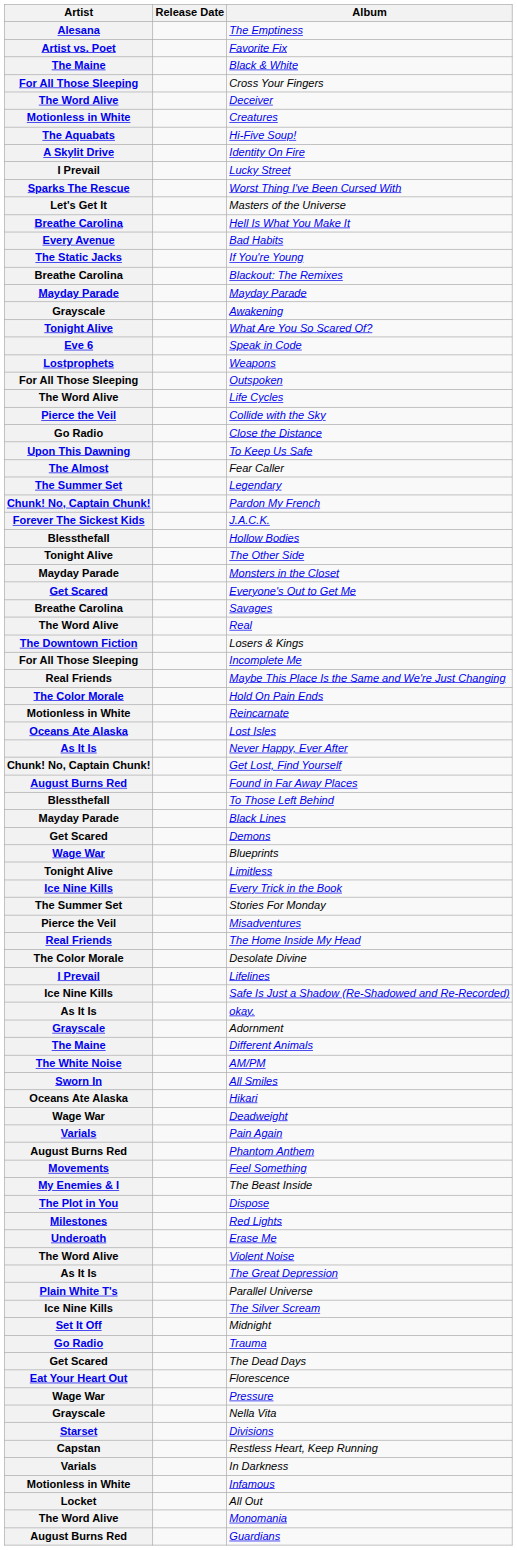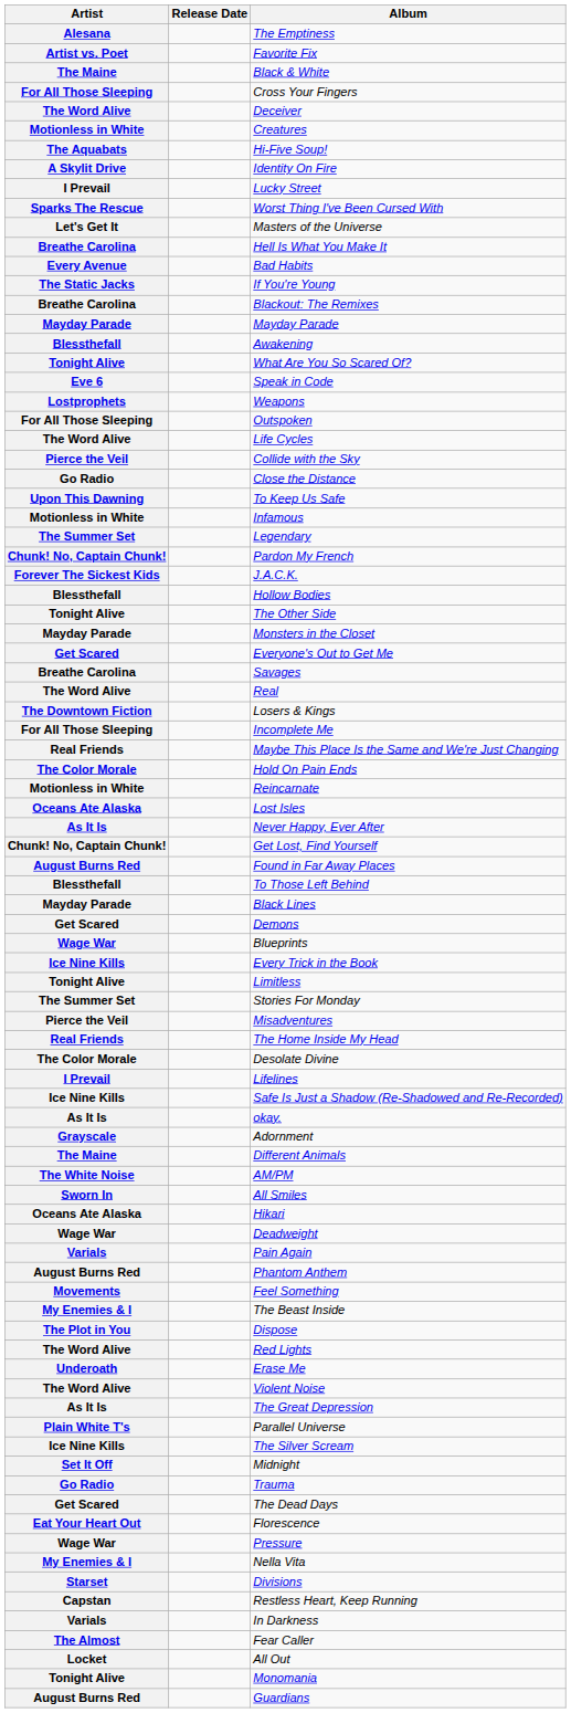 <table class="wikitable plainrowheaders sortable">
 <tr>
 <th>Artist</th>
 <th>Release Date</th>
 <th>Album</th>
 </tr>
 <tr>
 <th scope="row"><a href='#'>Alesana</a></th>
 <td></td>
 <td><em><a href='#'>The Emptiness</a></em></td>
 </tr>
 <tr>
 <th scope="row"><a href='#'>Artist vs. Poet</a></th>
 <td></td>
 <td><em><a href='#'>Favorite Fix</a></em></td>
 </tr>
 <tr>
 <th scope="row"><a href='#'>The Maine</a></th>
 <td></td>
 <td><em><a href='#'>Black & White</a></em></td>
 </tr>
 <tr>
 <th scope="row"><a href='#'>For All Those Sleeping</a></th>
 <td></td>
 <td><em>Cross Your Fingers</em></td>
 </tr>
 <tr>
 <th scope="row"><a href='#'>The Word Alive</a></th>
 <td></td>
 <td><em><a href='#'>Deceiver</a></em></td>
 </tr>
 <tr>
 <th scope="row"><a href='#'>Motionless in White</a></th>
 <td></td>
 <td><em><a href='#'>Creatures</a></em></td>
 </tr>
 <tr>
 <th scope="row"><a href='#'>The Aquabats</a></th>
 <td></td>
 <td><em><a href='#'>Hi-Five Soup!</a></em></td>
 </tr>
 <tr>
 <th scope="row"><a href='#'>A Skylit Drive</a></th>
 <td></td>
 <td><em><a href='#'>Identity On Fire</a></em></td>
 </tr>
 <tr>
 <th scope="row">I Prevail</th>
 <td></td>
 <td><em><a href='#'>Lucky Street</a></em></td>
 </tr>
 <tr>
 <th scope="row"><a href='#'>Sparks The Rescue</a></th>
 <td></td>
 <td><em><a href='#'>Worst Thing I've Been Cursed With</a></em></td>
 </tr>
 <tr>
 <th scope="row">Let's Get It</th>
 <td></td>
 <td><em>Masters of the Universe</em></td>
 </tr>
 <tr>
 <th scope="row"><a href='#'>Breathe Carolina</a></th>
 <td></td>
 <td><em><a href='#'>Hell Is What You Make It</a></em></td>
 </tr>
 <tr>
 <th scope="row"><a href='#'>Every Avenue</a></th>
 <td></td>
 <td><em><a href='#'>Bad Habits</a></em></td>
 </tr>
 <tr>
 <th scope="row"><a href='#'>The Static Jacks</a></th>
 <td></td>
 <td><em><a href='#'>If You're Young</a></em></td>
 </tr>
 <tr>
 <th scope="row">Breathe Carolina</th>
 <td></td>
 <td><em><a href='#'>Blackout: The Remixes</a></em></td>
 </tr>
 <tr>
 <th scope="row"><a href='#'>Mayday Parade</a></th>
 <td></td>
 <td><em><a href='#'>Mayday Parade</a></em></td>
 </tr>
 <tr>
-<th scope="row">Grayscale</th>
+<th scope="row"><a href='#'>Blessthefall</a></th>
 <td></td>
 <td><em><a href='#'>Awakening</a></em></td>
 </tr>
 <tr>
 <th scope="row"><a href='#'>Tonight Alive</a></th>
 <td></td>
 <td><em><a href='#'>What Are You So Scared Of?</a></em></td>
 </tr>
 <tr>
 <th scope="row"><a href='#'>Eve 6</a></th>
 <td></td>
 <td><em><a href='#'>Speak in Code</a></em></td>
 </tr>
 <tr>
 <th scope="row"><a href='#'>Lostprophets</a></th>
 <td></td>
 <td><em><a href='#'>Weapons</a></em></td>
 </tr>
 <tr>
 <th scope="row">For All Those Sleeping</th>
 <td></td>
 <td><em><a href='#'>Outspoken</a></em></td>
 </tr>
 <tr>
 <th scope="row">The Word Alive</th>
 <td></td>
 <td><em><a href='#'>Life Cycles</a></em></td>
 </tr>
 <tr>
 <th scope="row"><a href='#'>Pierce the Veil</a></th>
 <td></td>
 <td><em><a href='#'>Collide with the Sky</a></em></td>
 </tr>
 <tr>
 <th scope="row">Go Radio</th>
 <td></td>
 <td><em><a href='#'>Close the Distance</a></em></td>
 </tr>
 <tr>
 <th scope="row"><a href='#'>Upon This Dawning</a></th>
 <td></td>
 <td><em><a href='#'>To Keep Us Safe</a></em></td>
 </tr>
 <tr>
-<th scope="row"><a href='#'>The Almost</a></th>
+<th scope="row">Motionless in White</th>
 <td></td>
-<td><em>Fear Caller</em></td>
+<td><em><a href='#'>Infamous</a></em></td>
 </tr>
 <tr>
 <th scope="row"><a href='#'>The Summer Set</a></th>
 <td></td>
 <td><em><a href='#'>Legendary</a></em></td>
 </tr>
 <tr>
 <th scope="row"><a href='#'>Chunk! No, Captain Chunk!</a></th>
 <td></td>
 <td><em><a href='#'>Pardon My French</a></em></td>
 </tr>
 <tr>
 <th scope="row"><a href='#'>Forever The Sickest Kids</a></th>
 <td></td>
 <td><em><a href='#'>J.A.C.K.</a></em></td>
 </tr>
 <tr>
 <th scope="row">Blessthefall</th>
 <td></td>
 <td><em><a href='#'>Hollow Bodies</a></em></td>
 </tr>
 <tr>
 <th scope="row">Tonight Alive</th>
 <td></td>
 <td><em><a href='#'>The Other Side</a></em></td>
 </tr>
 <tr>
 <th scope="row">Mayday Parade</th>
 <td></td>
 <td><em><a href='#'>Monsters in the Closet</a></em></td>
 </tr>
 <tr>
 <th scope="row"><a href='#'>Get Scared</a></th>
 <td></td>
 <td><em><a href='#'>Everyone's Out to Get Me</a></em></td>
 </tr>
 <tr>
 <th scope="row">Breathe Carolina</th>
 <td></td>
 <td><em><a href='#'>Savages</a></em></td>
 </tr>
 <tr>
 <th scope="row">The Word Alive</th>
 <td></td>
 <td><em><a href='#'>Real</a></em></td>
 </tr>
 <tr>
 <th scope="row"><a href='#'>The Downtown Fiction</a></th>
 <td></td>
 <td><em>Losers & Kings</em></td>
 </tr>
 <tr>
 <th scope="row">For All Those Sleeping</th>
 <td></td>
 <td><em><a href='#'>Incomplete Me</a></em></td>
 </tr>
 <tr>
 <th scope="row">Real Friends</th>
 <td></td>
 <td><em><a href='#'>Maybe This Place Is the Same and We're Just Changing</a></em></td>
 </tr>
 <tr>
 <th scope="row"><a href='#'>The Color Morale</a></th>
 <td></td>
 <td><em><a href='#'>Hold On Pain Ends</a></em></td>
 </tr>
 <tr>
 <th scope="row">Motionless in White</th>
 <td></td>
 <td><em><a href='#'>Reincarnate</a></em></td>
 </tr>
 <tr>
 <th scope="row"><a href='#'>Oceans Ate Alaska</a></th>
 <td></td>
 <td><em><a href='#'>Lost Isles</a></em></td>
 </tr>
 <tr>
 <th scope="row"><a href='#'>As It Is</a></th>
 <td></td>
 <td><em><a href='#'>Never Happy, Ever After</a></em></td>
 </tr>
 <tr>
 <th scope="row">Chunk! No, Captain Chunk!</th>
 <td></td>
 <td><em><a href='#'>Get Lost, Find Yourself</a></em></td>
 </tr>
 <tr>
 <th scope="row"><a href='#'>August Burns Red</a></th>
 <td></td>
 <td><em><a href='#'>Found in Far Away Places</a></em></td>
 </tr>
 <tr>
 <th scope="row">Blessthefall</th>
 <td></td>
 <td><em><a href='#'>To Those Left Behind</a></em></td>
 </tr>
 <tr>
 <th scope="row">Mayday Parade</th>
 <td></td>
 <td><em><a href='#'>Black Lines</a></em></td>
 </tr>
 <tr>
 <th scope="row">Get Scared</th>
 <td></td>
 <td><em><a href='#'>Demons</a></em></td>
 </tr>
 <tr>
 <th scope="row"><a href='#'>Wage War</a></th>
 <td></td>
 <td><em>Blueprints</em></td>
 </tr>
 <tr>
+<th scope="row"><a href='#'>Ice Nine Kills</a></th>
+<td></td>
+<td><em><a href='#'>Every Trick in the Book</a></em></td>
+</tr>
+<tr>
 <th scope="row">Tonight Alive</th>
 <td></td>
 <td><em><a href='#'>Limitless</a></em></td>
-</tr>
-<tr>
-<th scope="row"><a href='#'>Ice Nine Kills</a></th>
-<td></td>
-<td><em><a href='#'>Every Trick in the Book</a></em></td>
 </tr>
 <tr>
 <th scope="row">The Summer Set</th>
 <td></td>
 <td><em>Stories For Monday</em></td>
 </tr>
 <tr>
 <th scope="row">Pierce the Veil</th>
 <td></td>
 <td><em><a href='#'>Misadventures</a></em></td>
 </tr>
 <tr>
 <th scope="row"><a href='#'>Real Friends</a></th>
 <td></td>
 <td><em><a href='#'>The Home Inside My Head</a></em></td>
 </tr>
 <tr>
 <th scope="row">The Color Morale</th>
 <td></td>
 <td><em>Desolate Divine</em></td>
 </tr>
 <tr>
 <th scope="row"><a href='#'>I Prevail</a></th>
 <td></td>
 <td><em><a href='#'>Lifelines</a></em></td>
 </tr>
 <tr>
 <th scope="row">Ice Nine Kills</th>
 <td></td>
 <td><em><a href='#'>Safe Is Just a Shadow (Re-Shadowed and Re-Recorded)</a></em></td>
 </tr>
 <tr>
 <th scope="row">As It Is</th>
 <td></td>
 <td><em><a href='#'>okay.</a></em></td>
 </tr>
 <tr>
 <th scope="row"><a href='#'>Grayscale</a></th>
 <td></td>
 <td><em>Adornment</em></td>
 </tr>
 <tr>
 <th scope="row"><a href='#'>The Maine</a></th>
 <td></td>
 <td><em><a href='#'>Different Animals</a></em></td>
 </tr>
 <tr>
 <th scope="row"><a href='#'>The White Noise</a></th>
 <td></td>
 <td><em><a href='#'>AM/PM</a></em></td>
 </tr>
 <tr>
 <th scope="row"><a href='#'>Sworn In</a></th>
 <td></td>
 <td><em><a href='#'>All Smiles</a></em></td>
 </tr>
 <tr>
 <th scope="row">Oceans Ate Alaska</th>
 <td></td>
 <td><em><a href='#'>Hikari</a></em></td>
 </tr>
 <tr>
 <th scope="row">Wage War</th>
 <td></td>
 <td><em><a href='#'>Deadweight</a></em></td>
 </tr>
 <tr>
 <th scope="row"><a href='#'>Varials</a></th>
 <td></td>
 <td><em><a href='#'>Pain Again</a></em></td>
 </tr>
 <tr>
 <th scope="row">August Burns Red</th>
 <td></td>
 <td><em><a href='#'>Phantom Anthem</a></em></td>
 </tr>
 <tr>
 <th scope="row"><a href='#'>Movements</a></th>
 <td></td>
 <td><em><a href='#'>Feel Something</a></em></td>
 </tr>
 <tr>
 <th scope="row"><a href='#'>My Enemies & I</a></th>
 <td></td>
 <td><em>The Beast Inside</em></td>
 </tr>
 <tr>
 <th scope="row"><a href='#'>The Plot in You</a></th>
 <td></td>
 <td><em><a href='#'>Dispose</a></em></td>
 </tr>
 <tr>
-<th scope="row"><a href='#'>Milestones</a></th>
+<th scope="row">The Word Alive</th>
 <td></td>
 <td><em><a href='#'>Red Lights</a></em></td>
 </tr>
 <tr>
 <th scope="row"><a href='#'>Underoath</a></th>
 <td></td>
 <td><em><a href='#'>Erase Me</a></em></td>
 </tr>
 <tr>
 <th scope="row">The Word Alive</th>
 <td></td>
 <td><em><a href='#'>Violent Noise</a></em></td>
 </tr>
 <tr>
 <th scope="row">As It Is</th>
 <td></td>
 <td><em><a href='#'>The Great Depression</a></em></td>
 </tr>
 <tr>
 <th scope="row"><a href='#'>Plain White T's</a></th>
 <td></td>
 <td><em>Parallel Universe</em></td>
 </tr>
 <tr>
 <th scope="row">Ice Nine Kills</th>
 <td></td>
 <td><em><a href='#'>The Silver Scream</a></em></td>
 </tr>
 <tr>
 <th scope="row"><a href='#'>Set It Off</a></th>
 <td></td>
 <td><em>Midnight</em></td>
 </tr>
 <tr>
 <th scope="row"><a href='#'>Go Radio</a></th>
 <td></td>
 <td><em><a href='#'>Trauma</a></em></td>
 </tr>
 <tr>
 <th scope="row">Get Scared</th>
 <td></td>
 <td><em>The Dead Days</em></td>
 </tr>
 <tr>
 <th scope="row"><a href='#'>Eat Your Heart Out</a></th>
 <td></td>
 <td><em>Florescence</em></td>
 </tr>
 <tr>
 <th scope="row">Wage War</th>
 <td></td>
 <td><em><a href='#'>Pressure</a></em></td>
 </tr>
 <tr>
-<th scope="row">Grayscale</th>
+<th scope="row"><a href='#'>My Enemies & I</a></th>
 <td></td>
 <td><em>Nella Vita</em></td>
 </tr>
 <tr>
 <th scope="row"><a href='#'>Starset</a></th>
 <td></td>
 <td><em><a href='#'>Divisions</a></em></td>
 </tr>
 <tr>
 <th scope="row">Capstan</th>
 <td></td>
 <td><em>Restless Heart, Keep Running</em></td>
 </tr>
 <tr>
 <th scope="row">Varials</th>
 <td></td>
 <td><em>In Darkness</em></td>
 </tr>
 <tr>
-<th scope="row">Motionless in White</th>
+<th scope="row"><a href='#'>The Almost</a></th>
 <td></td>
-<td><em><a href='#'>Infamous</a></em></td>
+<td><em>Fear Caller</em></td>
 </tr>
 <tr>
 <th scope="row">Locket</th>
 <td></td>
 <td><em>All Out</em></td>
 </tr>
 <tr>
-<th scope="row">The Word Alive</th>
+<th scope="row">Tonight Alive</th>
 <td></td>
 <td><em><a href='#'>Monomania</a></em></td>
 </tr>
 <tr>
 <th scope="row">August Burns Red</th>
 <td></td>
 <td><em><a href='#'>Guardians</a></em></td>
 </tr>
 </table>
